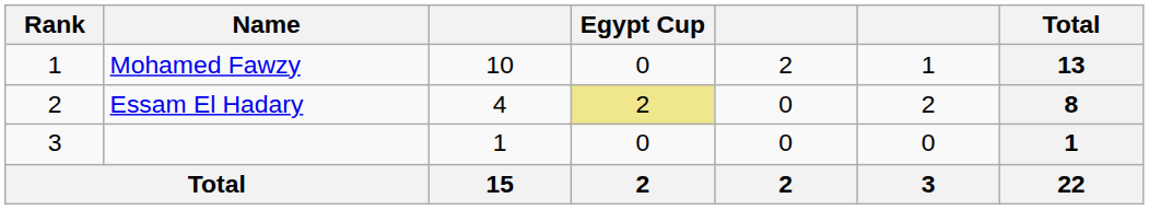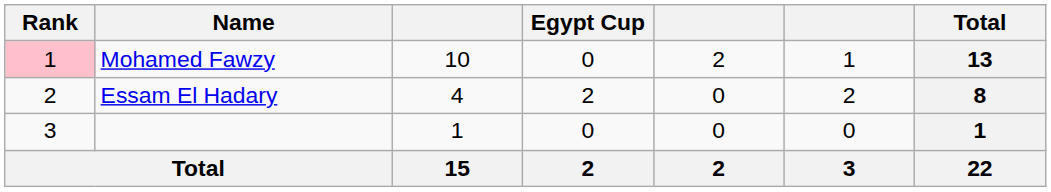 <table class=wikitable style="text-align:center">
 <tr>
 <th style=width:56px;>Rank</th>
 <th style=width:200px;>Name</th>
 <th style=width:84px;></th>
 <th style=width:84px;>Egypt Cup</th>
 <th style=width:84px;></th>
 <th style=width:84px;></th>
 <th style=width:84px;>Total</th>
 </tr>
 <tr>
-<td>1</td>
+<td style="background: pink;">1</td>
 <td align="left"> <a href='#'>Mohamed Fawzy</a></td>
 <td>10</td>
 <td>0</td>
 <td>2</td>
 <td>1</td>
 <th>13</th>
 </tr>
 <tr>
 <td>2</td>
 <td align="left"> <a href='#'>Essam El Hadary</a></td>
 <td>4</td>
-<td style="background: khaki;">2</td>
+<td>2</td>
 <td>0</td>
 <td>2</td>
 <th>8</th>
 </tr>
 <tr>
 <td>3</td>
 <td align="left"></td>
 <td>1</td>
 <td>0</td>
 <td>0</td>
 <td>0</td>
 <th>1</th>
 </tr>
 <tr>
 <th colspan=2>Total</th>
 <th>15</th>
 <th>2</th>
 <th>2</th>
 <th>3</th>
 <th>22</th>
 </tr>
 </table>
